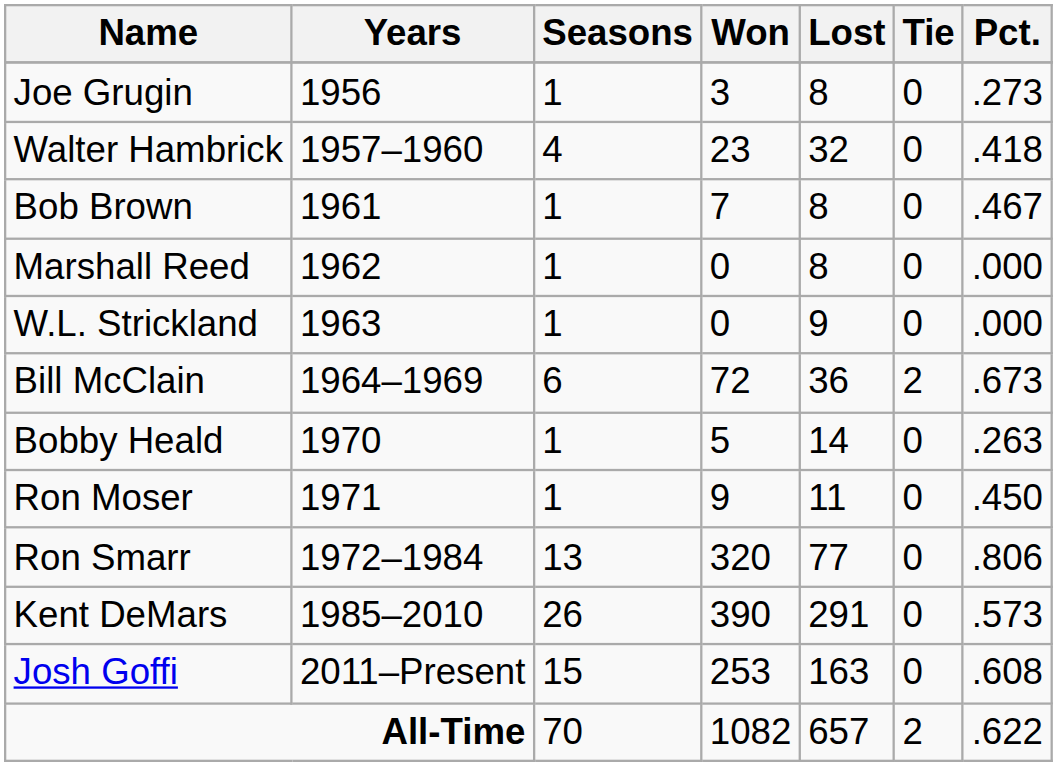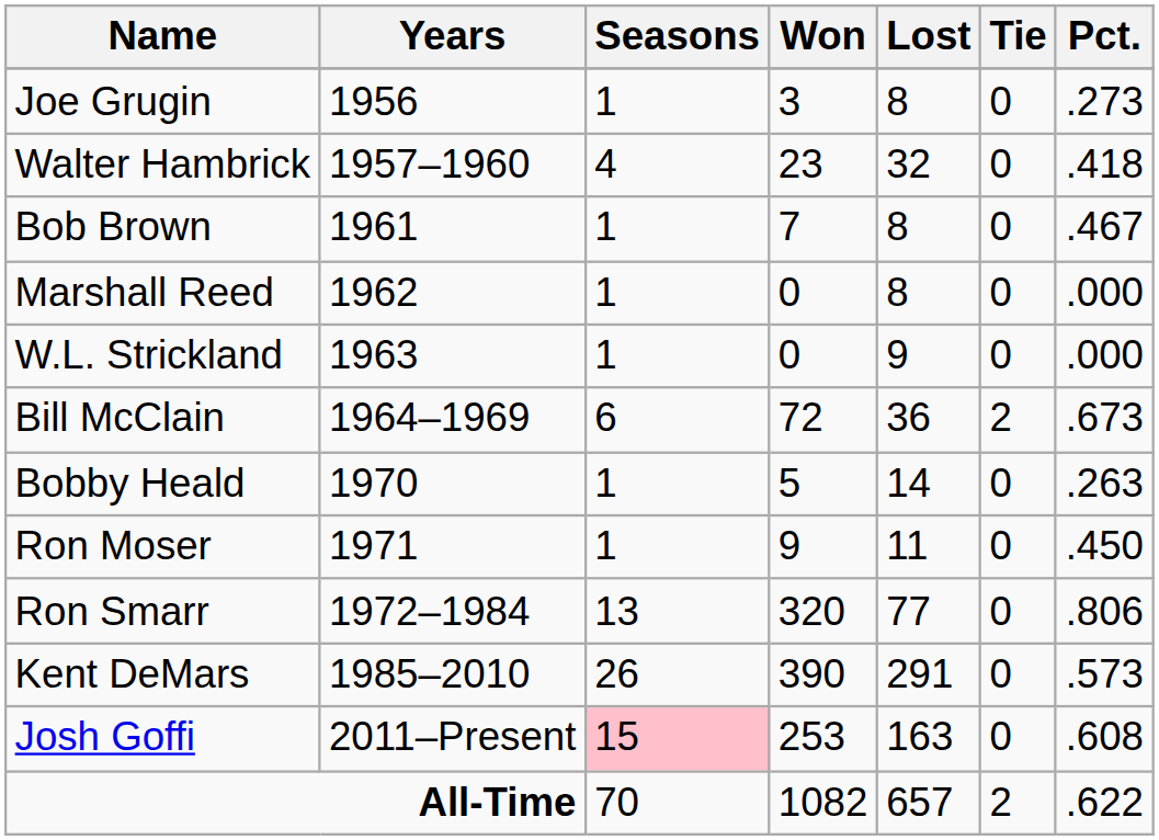 <table class="wikitable sortable">
 <tr>
 <th>Name</th>
 <th>Years</th>
 <th>Seasons</th>
 <th>Won</th>
 <th>Lost</th>
 <th>Tie</th>
 <th>Pct.</th>
 </tr>
 <tr>
 </tr>
 <tr>
 <td>Joe Grugin</td>
 <td>1956</td>
 <td>1</td>
 <td>3</td>
 <td>8</td>
 <td>0</td>
 <td>.273</td>
 </tr>
 <tr>
 <td>Walter Hambrick</td>
 <td>1957–1960</td>
 <td>4</td>
 <td>23</td>
 <td>32</td>
 <td>0</td>
 <td>.418</td>
 </tr>
 <tr>
 <td>Bob Brown</td>
 <td>1961</td>
 <td>1</td>
 <td>7</td>
 <td>8</td>
 <td>0</td>
 <td>.467</td>
 </tr>
 <tr>
 <td>Marshall Reed</td>
 <td>1962</td>
 <td>1</td>
 <td>0</td>
 <td>8</td>
 <td>0</td>
 <td>.000</td>
 </tr>
 <tr>
 <td>W.L. Strickland</td>
 <td>1963</td>
 <td>1</td>
 <td>0</td>
 <td>9</td>
 <td>0</td>
 <td>.000</td>
 </tr>
 <tr>
 <td>Bill McClain</td>
 <td>1964–1969</td>
 <td>6</td>
 <td>72</td>
 <td>36</td>
 <td>2</td>
 <td>.673</td>
 </tr>
 <tr>
 <td>Bobby Heald</td>
 <td>1970</td>
 <td>1</td>
 <td>5</td>
 <td>14</td>
 <td>0</td>
 <td>.263</td>
 </tr>
 <tr>
 <td>Ron Moser</td>
 <td>1971</td>
 <td>1</td>
 <td>9</td>
 <td>11</td>
 <td>0</td>
 <td>.450</td>
 </tr>
 <tr>
 <td>Ron Smarr</td>
 <td>1972–1984</td>
 <td>13</td>
 <td>320</td>
 <td>77</td>
 <td>0</td>
 <td>.806</td>
 </tr>
 <tr>
 <td>Kent DeMars</td>
 <td>1985–2010</td>
 <td>26</td>
 <td>390</td>
 <td>291</td>
 <td>0</td>
 <td>.573</td>
 </tr>
 <tr>
 <td><a href='#'>Josh Goffi</a></td>
 <td>2011–Present</td>
-<td>15</td>
+<td style="background: pink;">15</td>
 <td>253</td>
 <td>163</td>
 <td>0</td>
 <td>.608</td>
 </tr>
 <tr class="sortbottom">
 <td colspan="2" align="right"><strong>All-Time</strong></td>
 <td>70</td>
 <td>1082</td>
 <td>657</td>
 <td>2</td>
 <td>.622</td>
 </tr>
 </table>
